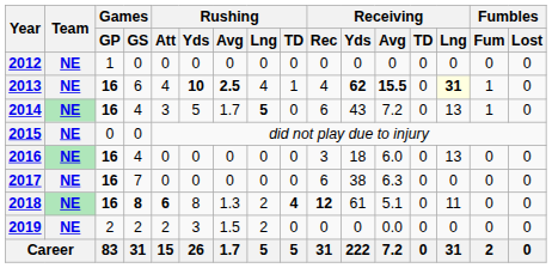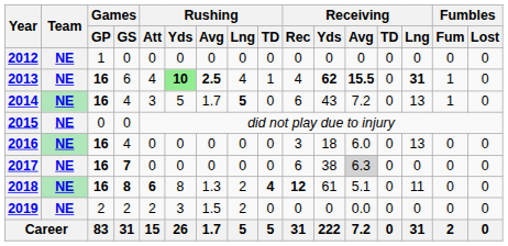 <table class="wikitable" style="text-align:center">
 <tr>
 <th rowspan="2">Year</th>
 <th rowspan="2">Team</th>
 <th colspan="2">Games</th>
 <th colspan="5">Rushing</th>
 <th colspan="5">Receiving</th>
 <th colspan="2">Fumbles</th>
 </tr>
 <tr>
 <th>GP</th>
 <th>GS</th>
 <th>Att</th>
 <th>Yds</th>
 <th>Avg</th>
 <th>Lng</th>
 <th>TD</th>
 <th>Rec</th>
 <th>Yds</th>
 <th>Avg</th>
 <th>TD</th>
 <th>Lng</th>
 <th>Fum</th>
 <th>Lost</th>
 </tr>
 <tr>
 <th><a href='#'>2012</a></th>
 <th><a href='#'>NE</a></th>
 <td>1</td>
 <td>0</td>
 <td>0</td>
 <td>0</td>
 <td>0</td>
 <td>0</td>
 <td>0</td>
 <td>0</td>
 <td>0</td>
 <td>0</td>
 <td>0</td>
 <td>0</td>
 <td>0</td>
 <td>0</td>
 </tr>
 <tr>
 <th><a href='#'>2013</a></th>
 <th><a href='#'>NE</a></th>
 <td><strong>16</strong></td>
 <td>6</td>
 <td>4</td>
-<td><strong>10</strong></td>
+<td style="background: lightgreen;"><strong>10</strong></td>
 <td><strong>2.5</strong></td>
 <td>4</td>
 <td>1</td>
 <td>4</td>
 <td><strong>62</strong></td>
 <td><strong>15.5</strong></td>
 <td>0</td>
-<td style="background: lightyellow;"><strong>31</strong></td>
+<td><strong>31</strong></td>
 <td>1</td>
 <td>0</td>
 </tr>
 <tr>
 <th><a href='#'>2014</a></th>
 <th style="background:#afe6ba; width:3em;"><a href='#'>NE</a></th>
 <td><strong>16</strong></td>
 <td>4</td>
 <td>3</td>
 <td>5</td>
 <td>1.7</td>
 <td><strong>5</strong></td>
 <td>0</td>
 <td>6</td>
 <td>43</td>
 <td>7.2</td>
 <td>0</td>
 <td>13</td>
 <td>1</td>
 <td>0</td>
 </tr>
 <tr>
 <th><a href='#'>2015</a></th>
 <th><a href='#'>NE</a></th>
 <td>0</td>
 <td>0</td>
 <td colspan="12"><em>did not play due to injury</em></td>
 </tr>
 <tr>
 <th><a href='#'>2016</a></th>
 <th style="background:#afe6ba; width:3em;"><a href='#'>NE</a></th>
 <td><strong>16</strong></td>
 <td>4</td>
 <td>0</td>
 <td>0</td>
 <td>0</td>
 <td>0</td>
 <td>0</td>
 <td>3</td>
 <td>18</td>
 <td>6.0</td>
 <td>0</td>
 <td>13</td>
 <td>0</td>
 <td>0</td>
 </tr>
 <tr>
 <th><a href='#'>2017</a></th>
 <th><a href='#'>NE</a></th>
 <td><strong>16</strong></td>
-<td>7</td>
+<td><strong>7</strong></td>
 <td>0</td>
 <td>0</td>
 <td>0</td>
 <td>0</td>
 <td>0</td>
 <td>6</td>
 <td>38</td>
-<td>6.3</td>
+<td style="background: lightgrey;">6.3</td>
 <td>0</td>
 <td>0</td>
 <td>0</td>
 <td>0</td>
 </tr>
 <tr>
 <th><a href='#'>2018</a></th>
 <th style="background:#afe6ba; width:3em;"><a href='#'>NE</a></th>
 <td><strong>16</strong></td>
 <td><strong>8</strong></td>
 <td><strong>6</strong></td>
 <td>8</td>
 <td>1.3</td>
 <td>2</td>
 <td><strong>4</strong></td>
 <td><strong>12</strong></td>
 <td>61</td>
 <td>5.1</td>
 <td>0</td>
 <td>11</td>
 <td>0</td>
 <td>0</td>
 </tr>
 <tr>
 <th><a href='#'>2019</a></th>
 <th><a href='#'>NE</a></th>
 <td>2</td>
 <td>2</td>
 <td>2</td>
 <td>3</td>
 <td>1.5</td>
 <td>2</td>
 <td>0</td>
 <td>0</td>
 <td>0</td>
 <td>0.0</td>
 <td>0</td>
 <td>0</td>
 <td>0</td>
 <td>0</td>
 </tr>
 <tr>
 <th colspan="2">Career</th>
 <th>83</th>
 <th>31</th>
 <th>15</th>
 <th>26</th>
 <th>1.7</th>
 <th>5</th>
 <th>5</th>
 <th>31</th>
 <th>222</th>
 <th>7.2</th>
 <th>0</th>
 <th>31</th>
 <th>2</th>
 <th>0</th>
 </tr>
 </table>
